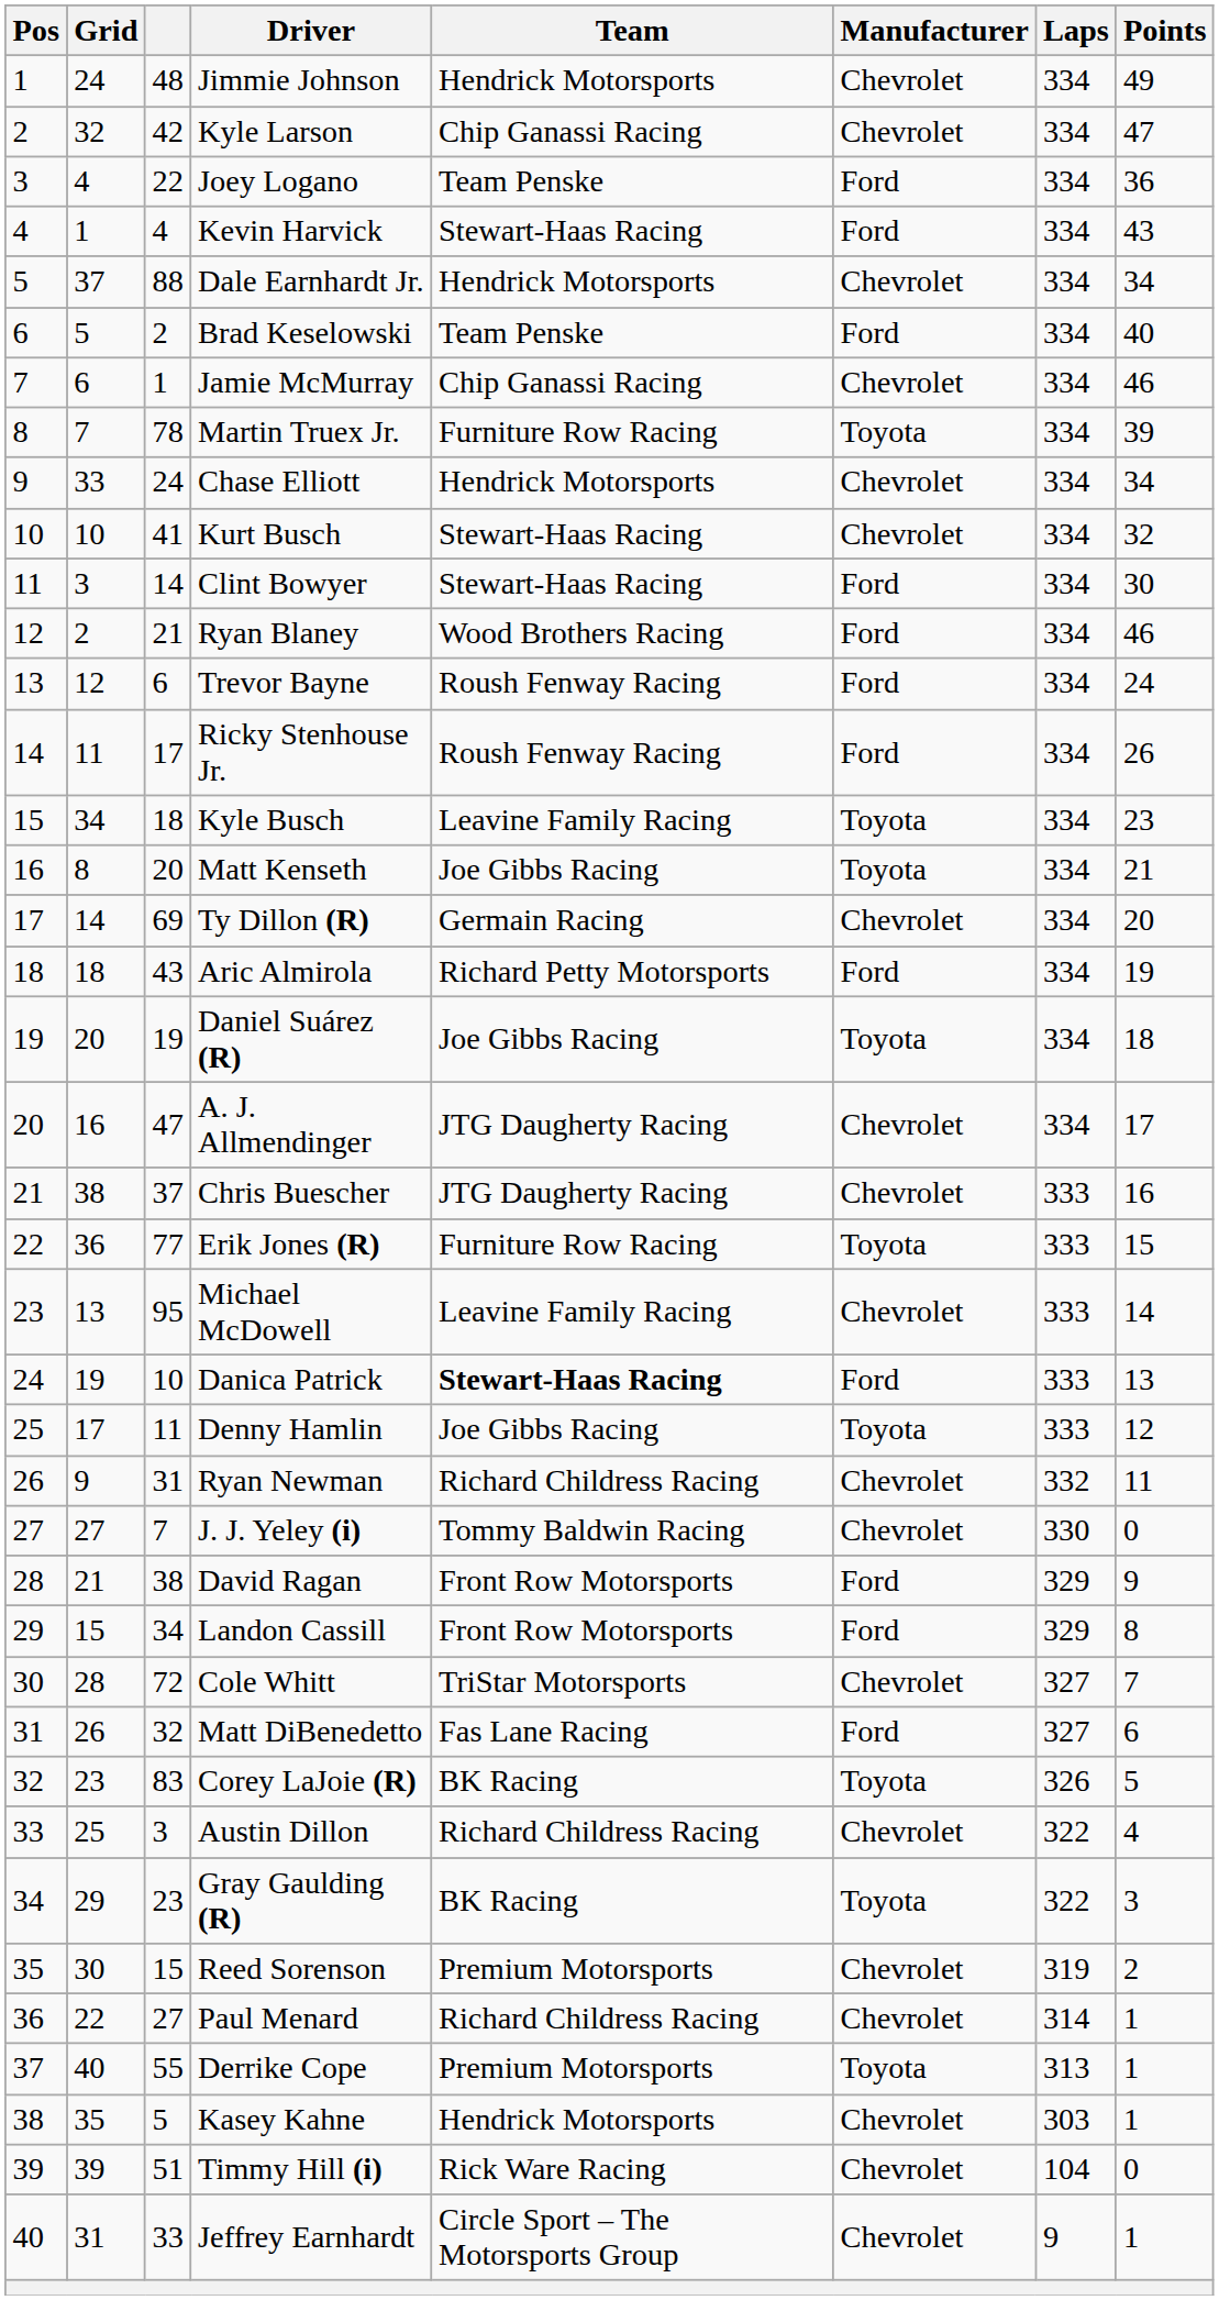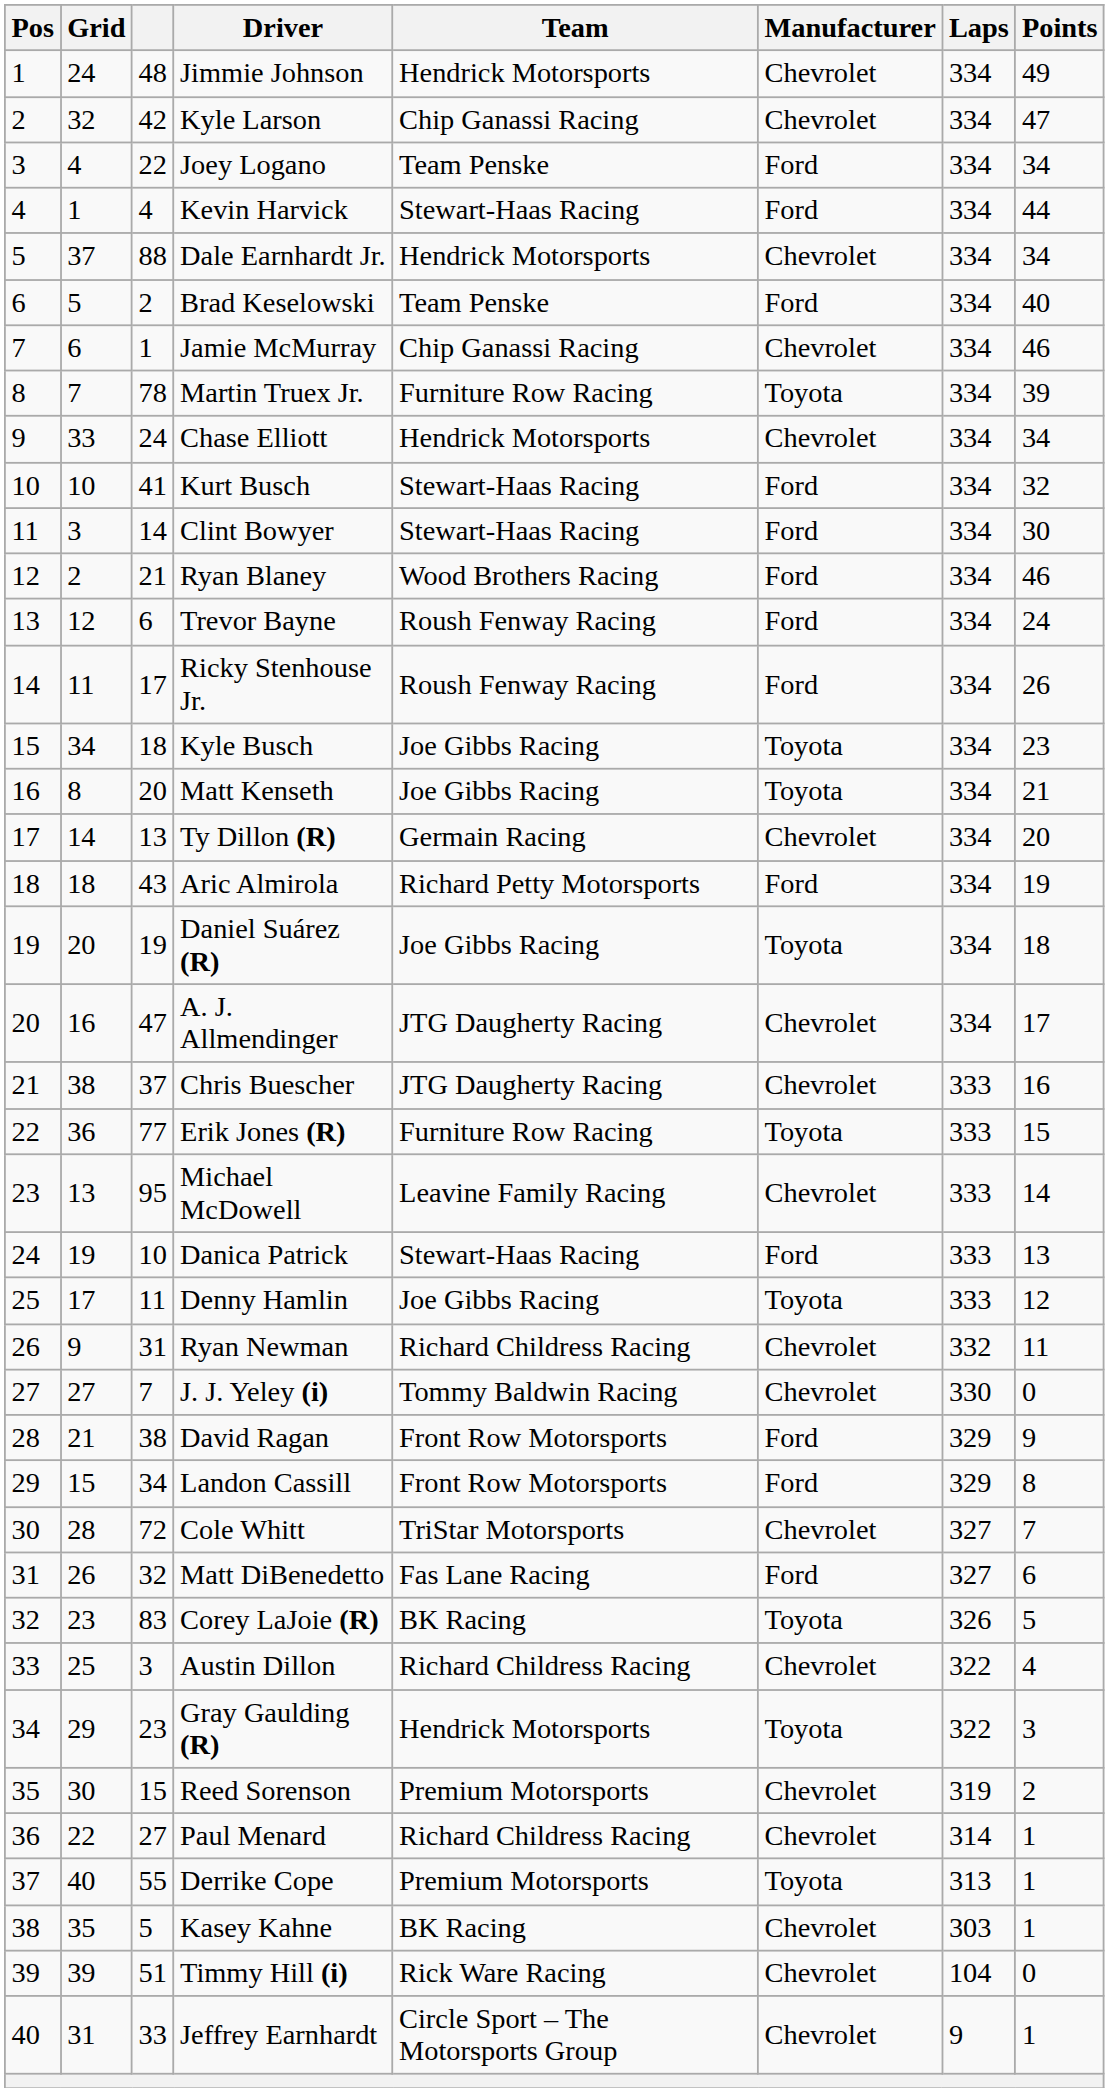 <table class="wikitable" style="font-size:98%">
 <tr>
 <th>Pos</th>
 <th>Grid</th>
 <th></th>
 <th>Driver</th>
 <th>Team</th>
 <th>Manufacturer</th>
 <th>Laps</th>
 <th>Points</th>
 </tr>
 <tr>
 <td>1</td>
 <td>24</td>
 <td>48</td>
 <td>Jimmie Johnson</td>
 <td>Hendrick Motorsports</td>
 <td>Chevrolet</td>
 <td>334</td>
 <td>49</td>
 </tr>
 <tr>
 <td>2</td>
 <td>32</td>
 <td>42</td>
 <td>Kyle Larson</td>
 <td>Chip Ganassi Racing</td>
 <td>Chevrolet</td>
 <td>334</td>
 <td>47</td>
 </tr>
 <tr>
 <td>3</td>
 <td>4</td>
 <td>22</td>
 <td>Joey Logano</td>
 <td>Team Penske</td>
 <td>Ford</td>
 <td>334</td>
-<td>36</td>
+<td>34</td>
 </tr>
 <tr>
 <td>4</td>
 <td>1</td>
 <td>4</td>
 <td>Kevin Harvick</td>
 <td>Stewart-Haas Racing</td>
 <td>Ford</td>
 <td>334</td>
-<td>43</td>
+<td>44</td>
 </tr>
 <tr>
 <td>5</td>
 <td>37</td>
 <td>88</td>
 <td>Dale Earnhardt Jr.</td>
 <td>Hendrick Motorsports</td>
 <td>Chevrolet</td>
 <td>334</td>
 <td>34</td>
 </tr>
 <tr>
 <td>6</td>
 <td>5</td>
 <td>2</td>
 <td>Brad Keselowski</td>
 <td>Team Penske</td>
 <td>Ford</td>
 <td>334</td>
 <td>40</td>
 </tr>
 <tr>
 <td>7</td>
 <td>6</td>
 <td>1</td>
 <td>Jamie McMurray</td>
 <td>Chip Ganassi Racing</td>
 <td>Chevrolet</td>
 <td>334</td>
 <td>46</td>
 </tr>
 <tr>
 <td>8</td>
 <td>7</td>
 <td>78</td>
 <td>Martin Truex Jr.</td>
 <td>Furniture Row Racing</td>
 <td>Toyota</td>
 <td>334</td>
 <td>39</td>
 </tr>
 <tr>
 <td>9</td>
 <td>33</td>
 <td>24</td>
 <td>Chase Elliott</td>
 <td>Hendrick Motorsports</td>
 <td>Chevrolet</td>
 <td>334</td>
 <td>34</td>
 </tr>
 <tr>
 <td>10</td>
 <td>10</td>
 <td>41</td>
 <td>Kurt Busch</td>
 <td>Stewart-Haas Racing</td>
-<td>Chevrolet</td>
+<td>Ford</td>
 <td>334</td>
 <td>32</td>
 </tr>
 <tr>
 <td>11</td>
 <td>3</td>
 <td>14</td>
 <td>Clint Bowyer</td>
 <td>Stewart-Haas Racing</td>
 <td>Ford</td>
 <td>334</td>
 <td>30</td>
 </tr>
 <tr>
 <td>12</td>
 <td>2</td>
 <td>21</td>
 <td>Ryan Blaney</td>
 <td>Wood Brothers Racing</td>
 <td>Ford</td>
 <td>334</td>
 <td>46</td>
 </tr>
 <tr>
 <td>13</td>
 <td>12</td>
 <td>6</td>
 <td>Trevor Bayne</td>
 <td>Roush Fenway Racing</td>
 <td>Ford</td>
 <td>334</td>
 <td>24</td>
 </tr>
 <tr>
 <td>14</td>
 <td>11</td>
 <td>17</td>
 <td>Ricky Stenhouse Jr.</td>
 <td>Roush Fenway Racing</td>
 <td>Ford</td>
 <td>334</td>
 <td>26</td>
 </tr>
 <tr>
 <td>15</td>
 <td>34</td>
 <td>18</td>
 <td>Kyle Busch</td>
-<td>Leavine Family Racing</td>
+<td>Joe Gibbs Racing</td>
 <td>Toyota</td>
 <td>334</td>
 <td>23</td>
 </tr>
 <tr>
 <td>16</td>
 <td>8</td>
 <td>20</td>
 <td>Matt Kenseth</td>
 <td>Joe Gibbs Racing</td>
 <td>Toyota</td>
 <td>334</td>
 <td>21</td>
 </tr>
 <tr>
 <td>17</td>
 <td>14</td>
-<td>69</td>
+<td>13</td>
 <td>Ty Dillon <strong>(R)</strong></td>
 <td>Germain Racing</td>
 <td>Chevrolet</td>
 <td>334</td>
 <td>20</td>
 </tr>
 <tr>
 <td>18</td>
 <td>18</td>
 <td>43</td>
 <td>Aric Almirola</td>
 <td>Richard Petty Motorsports</td>
 <td>Ford</td>
 <td>334</td>
 <td>19</td>
 </tr>
 <tr>
 <td>19</td>
 <td>20</td>
 <td>19</td>
 <td>Daniel Suárez <strong>(R)</strong></td>
 <td>Joe Gibbs Racing</td>
 <td>Toyota</td>
 <td>334</td>
 <td>18</td>
 </tr>
 <tr>
 <td>20</td>
 <td>16</td>
 <td>47</td>
 <td>A. J. Allmendinger</td>
 <td>JTG Daugherty Racing</td>
 <td>Chevrolet</td>
 <td>334</td>
 <td>17</td>
 </tr>
 <tr>
 <td>21</td>
 <td>38</td>
 <td>37</td>
 <td>Chris Buescher</td>
 <td>JTG Daugherty Racing</td>
 <td>Chevrolet</td>
 <td>333</td>
 <td>16</td>
 </tr>
 <tr>
 <td>22</td>
 <td>36</td>
 <td>77</td>
 <td>Erik Jones <strong>(R)</strong></td>
 <td>Furniture Row Racing</td>
 <td>Toyota</td>
 <td>333</td>
 <td>15</td>
 </tr>
 <tr>
 <td>23</td>
 <td>13</td>
 <td>95</td>
 <td>Michael McDowell</td>
 <td>Leavine Family Racing</td>
 <td>Chevrolet</td>
 <td>333</td>
 <td>14</td>
 </tr>
 <tr>
 <td>24</td>
 <td>19</td>
 <td>10</td>
 <td>Danica Patrick</td>
-<td><strong>Stewart-Haas Racing</strong></td>
+<td>Stewart-Haas Racing</td>
 <td>Ford</td>
 <td>333</td>
 <td>13</td>
 </tr>
 <tr>
 <td>25</td>
 <td>17</td>
 <td>11</td>
 <td>Denny Hamlin</td>
 <td>Joe Gibbs Racing</td>
 <td>Toyota</td>
 <td>333</td>
 <td>12</td>
 </tr>
 <tr>
 <td>26</td>
 <td>9</td>
 <td>31</td>
 <td>Ryan Newman</td>
 <td>Richard Childress Racing</td>
 <td>Chevrolet</td>
 <td>332</td>
 <td>11</td>
 </tr>
 <tr>
 <td>27</td>
 <td>27</td>
 <td>7</td>
 <td>J. J. Yeley <strong>(i)</strong></td>
 <td>Tommy Baldwin Racing</td>
 <td>Chevrolet</td>
 <td>330</td>
 <td>0</td>
 </tr>
 <tr>
 <td>28</td>
 <td>21</td>
 <td>38</td>
 <td>David Ragan</td>
 <td>Front Row Motorsports</td>
 <td>Ford</td>
 <td>329</td>
 <td>9</td>
 </tr>
 <tr>
 <td>29</td>
 <td>15</td>
 <td>34</td>
 <td>Landon Cassill</td>
 <td>Front Row Motorsports</td>
 <td>Ford</td>
 <td>329</td>
 <td>8</td>
 </tr>
 <tr>
 <td>30</td>
 <td>28</td>
 <td>72</td>
 <td>Cole Whitt</td>
 <td>TriStar Motorsports</td>
 <td>Chevrolet</td>
 <td>327</td>
 <td>7</td>
 </tr>
 <tr>
 <td>31</td>
 <td>26</td>
 <td>32</td>
 <td>Matt DiBenedetto</td>
 <td>Fas Lane Racing</td>
 <td>Ford</td>
 <td>327</td>
 <td>6</td>
 </tr>
 <tr>
 <td>32</td>
 <td>23</td>
 <td>83</td>
 <td>Corey LaJoie <strong>(R)</strong></td>
 <td>BK Racing</td>
 <td>Toyota</td>
 <td>326</td>
 <td>5</td>
 </tr>
 <tr>
 <td>33</td>
 <td>25</td>
 <td>3</td>
 <td>Austin Dillon</td>
 <td>Richard Childress Racing</td>
 <td>Chevrolet</td>
 <td>322</td>
 <td>4</td>
 </tr>
 <tr>
 <td>34</td>
 <td>29</td>
 <td>23</td>
 <td>Gray Gaulding <strong>(R)</strong></td>
-<td>BK Racing</td>
+<td>Hendrick Motorsports</td>
 <td>Toyota</td>
 <td>322</td>
 <td>3</td>
 </tr>
 <tr>
 <td>35</td>
 <td>30</td>
 <td>15</td>
 <td>Reed Sorenson</td>
 <td>Premium Motorsports</td>
 <td>Chevrolet</td>
 <td>319</td>
 <td>2</td>
 </tr>
 <tr>
 <td>36</td>
 <td>22</td>
 <td>27</td>
 <td>Paul Menard</td>
 <td>Richard Childress Racing</td>
 <td>Chevrolet</td>
 <td>314</td>
 <td>1</td>
 </tr>
 <tr>
 <td>37</td>
 <td>40</td>
 <td>55</td>
 <td>Derrike Cope</td>
 <td>Premium Motorsports</td>
 <td>Toyota</td>
 <td>313</td>
 <td>1</td>
 </tr>
 <tr>
 <td>38</td>
 <td>35</td>
 <td>5</td>
 <td>Kasey Kahne</td>
-<td>Hendrick Motorsports</td>
+<td>BK Racing</td>
 <td>Chevrolet</td>
 <td>303</td>
 <td>1</td>
 </tr>
 <tr>
 <td>39</td>
 <td>39</td>
 <td>51</td>
 <td>Timmy Hill <strong>(i)</strong></td>
 <td>Rick Ware Racing</td>
 <td>Chevrolet</td>
 <td>104</td>
 <td>0</td>
 </tr>
 <tr>
 <td>40</td>
 <td>31</td>
 <td>33</td>
 <td>Jeffrey Earnhardt</td>
 <td>Circle Sport – The Motorsports Group</td>
 <td>Chevrolet</td>
 <td>9</td>
 <td>1</td>
 </tr>
 <tr>
 <th colspan="8"></th>
 </tr>
 </table>
